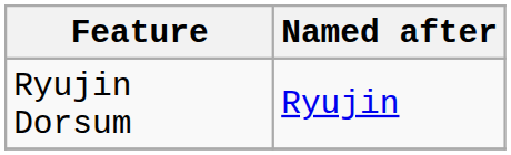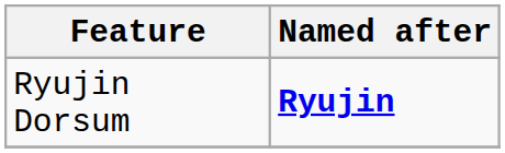 <table class="wikitable">
 <tr>
 <th width=100>Feature</th>
 <th>Named after</th>
 </tr>
 <tr>
 <td>Ryujin Dorsum</td>
-<td><a href='#'>Ryujin</a></td>
+<td><strong><a href='#'>Ryujin</a></strong></td>
 </tr>
 <tr>
 </tr>
 </table>
